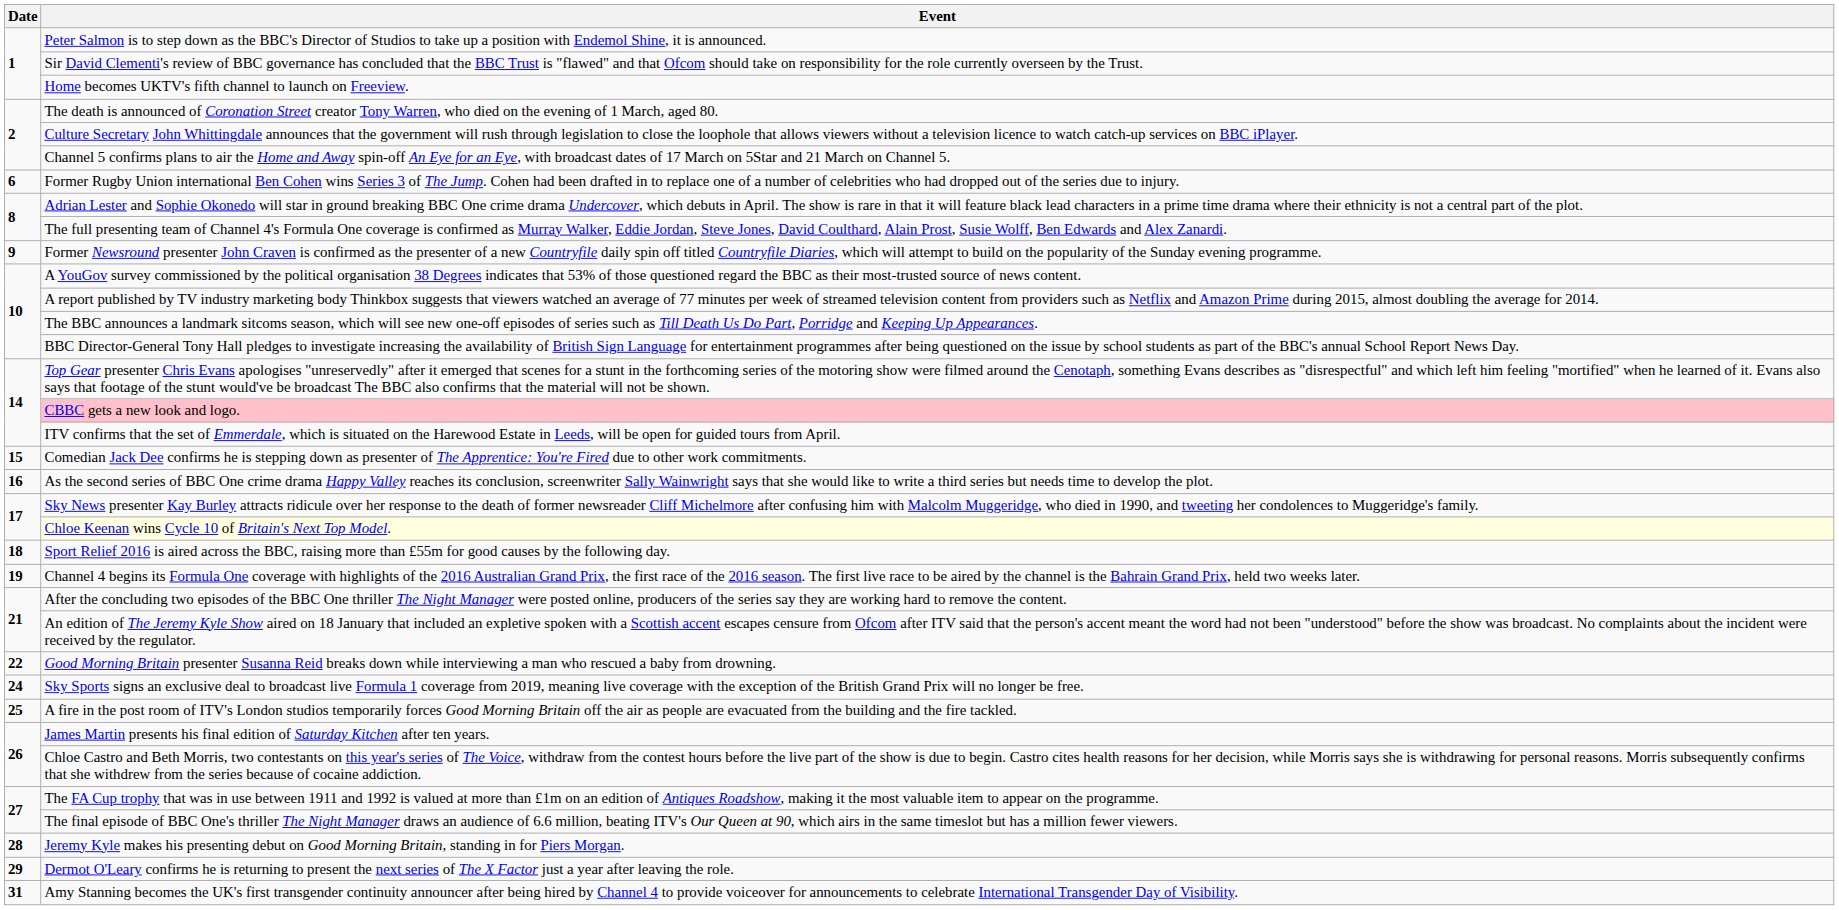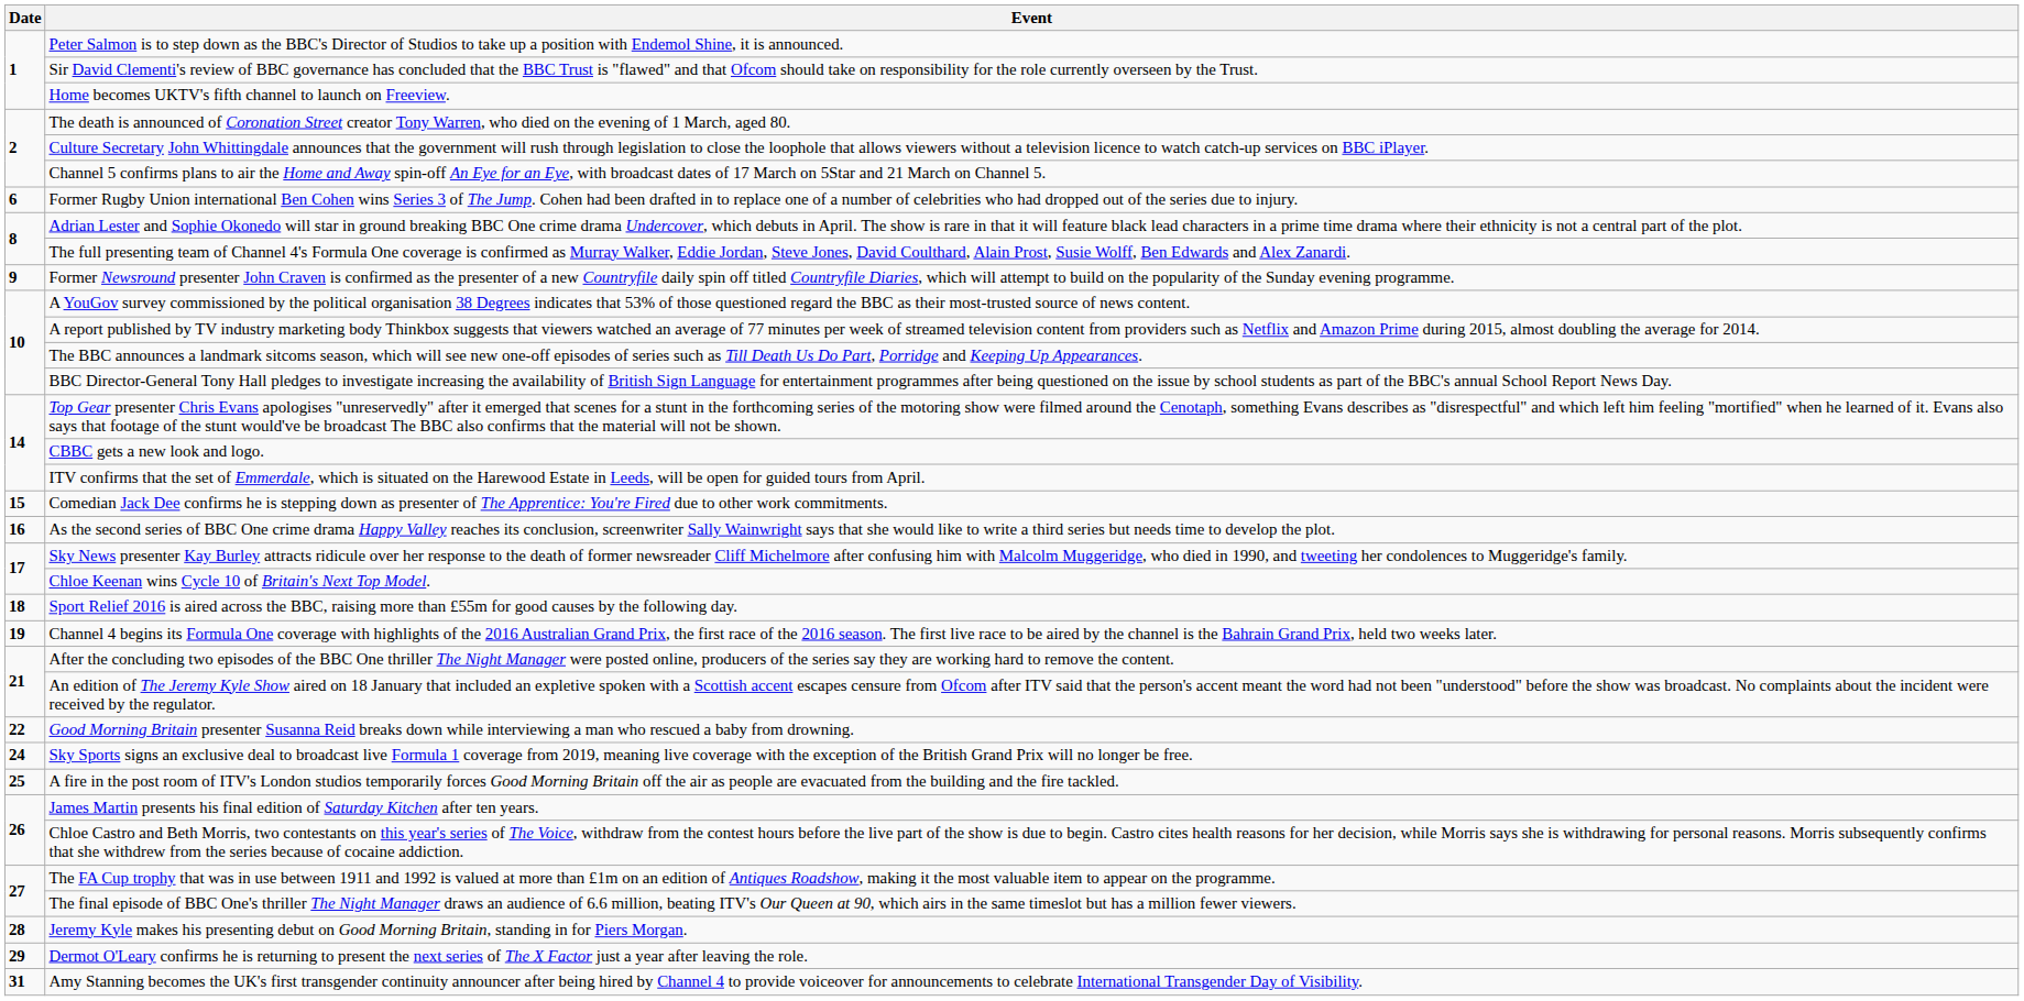 <table class="wikitable">
 <tr>
 <th>Date</th>
 <th>Event</th>
 </tr>
 <tr>
 <td rowspan=3><strong>1</strong></td>
 <td><a href='#'>Peter Salmon</a> is to step down as the BBC's Director of Studios to take up a position with <a href='#'>Endemol Shine</a>, it is announced.</td>
 </tr>
 <tr>
 <td>Sir <a href='#'>David Clementi</a>'s review of BBC governance has concluded that the <a href='#'>BBC Trust</a> is "flawed" and that <a href='#'>Ofcom</a> should take on responsibility for the role currently overseen by the Trust.</td>
 </tr>
 <tr>
 <td><a href='#'>Home</a> becomes UKTV's fifth channel to launch on <a href='#'>Freeview</a>.</td>
 </tr>
 <tr>
 <td rowspan=3><strong>2</strong></td>
 <td>The death is announced of <em><a href='#'>Coronation Street</a></em> creator <a href='#'>Tony Warren</a>, who died on the evening of 1 March, aged 80.</td>
 </tr>
 <tr>
 <td><a href='#'>Culture Secretary</a> <a href='#'>John Whittingdale</a> announces that the government will rush through legislation to close the loophole that allows viewers without a television licence to watch catch-up services on <a href='#'>BBC iPlayer</a>.</td>
 </tr>
 <tr>
 <td>Channel 5 confirms plans to air the <em><a href='#'>Home and Away</a></em> spin-off <em><a href='#'>An Eye for an Eye</a></em>, with broadcast dates of 17 March on 5Star and 21 March on Channel 5.</td>
 </tr>
 <tr>
 <td><strong>6</strong></td>
 <td>Former Rugby Union international <a href='#'>Ben Cohen</a> wins <a href='#'>Series 3</a> of <em><a href='#'>The Jump</a></em>. Cohen had been drafted in to replace one of a number of celebrities who had dropped out of the series due to injury.</td>
 </tr>
 <tr>
 <td rowspan=2><strong>8</strong></td>
 <td><a href='#'>Adrian Lester</a> and <a href='#'>Sophie Okonedo</a> will star in ground breaking BBC One crime drama <em><a href='#'>Undercover</a></em>, which debuts in April. The show is rare in that it will feature black lead characters in a prime time drama where their ethnicity is not a central part of the plot.</td>
 </tr>
 <tr>
 <td>The full presenting team of Channel 4's Formula One coverage is confirmed as <a href='#'>Murray Walker</a>, <a href='#'>Eddie Jordan</a>, <a href='#'>Steve Jones</a>, <a href='#'>David Coulthard</a>, <a href='#'>Alain Prost</a>, <a href='#'>Susie Wolff</a>, <a href='#'>Ben Edwards</a> and <a href='#'>Alex Zanardi</a>.</td>
 </tr>
 <tr>
 <td><strong>9</strong></td>
 <td>Former <em><a href='#'>Newsround</a></em> presenter <a href='#'>John Craven</a> is confirmed as the presenter of a new <em><a href='#'>Countryfile</a></em> daily spin off titled <em><a href='#'>Countryfile Diaries</a></em>, which will attempt to build on the popularity of the Sunday evening programme.</td>
 </tr>
 <tr>
 <td rowspan=4><strong>10</strong></td>
 <td>A <a href='#'>YouGov</a> survey commissioned by the political organisation <a href='#'>38 Degrees</a> indicates that 53% of those questioned regard the BBC as their most-trusted source of news content.</td>
 </tr>
 <tr>
 <td>A report published by TV industry marketing body Thinkbox suggests that viewers watched an average of 77 minutes per week of streamed television content from providers such as <a href='#'>Netflix</a> and <a href='#'>Amazon Prime</a> during 2015, almost doubling the average for 2014.</td>
 </tr>
 <tr>
 <td>The BBC announces a landmark sitcoms season, which will see new one-off episodes of series such as <em><a href='#'>Till Death Us Do Part</a></em>, <em><a href='#'>Porridge</a></em> and <em><a href='#'>Keeping Up Appearances</a></em>.</td>
 </tr>
 <tr>
 <td>BBC Director-General Tony Hall pledges to investigate increasing the availability of <a href='#'>British Sign Language</a> for entertainment programmes after being questioned on the issue by school students as part of the BBC's annual School Report News Day.</td>
 </tr>
 <tr>
 <td rowspan=3><strong>14</strong></td>
 <td><em><a href='#'>Top Gear</a></em> presenter <a href='#'>Chris Evans</a> apologises "unreservedly" after it emerged that scenes for a stunt in the forthcoming series of the motoring show were filmed around the <a href='#'>Cenotaph</a>, something Evans describes as "disrespectful" and which left him feeling "mortified" when he learned of it. Evans also says that footage of the stunt would've be broadcast The BBC also confirms that the material will not be shown.</td>
 </tr>
 <tr>
-<td style="background: pink;"><a href='#'>CBBC</a> gets a new look and logo.</td>
+<td><a href='#'>CBBC</a> gets a new look and logo.</td>
 </tr>
 <tr>
 <td>ITV confirms that the set of <em><a href='#'>Emmerdale</a></em>, which is situated on the Harewood Estate in <a href='#'>Leeds</a>, will be open for guided tours from April.</td>
 </tr>
 <tr>
 <td><strong>15</strong></td>
 <td>Comedian <a href='#'>Jack Dee</a> confirms he is stepping down as presenter of <em><a href='#'>The Apprentice: You're Fired</a></em> due to other work commitments.</td>
 </tr>
 <tr>
 <td><strong>16</strong></td>
 <td>As the second series of BBC One crime drama <em><a href='#'>Happy Valley</a></em> reaches its conclusion, screenwriter <a href='#'>Sally Wainwright</a> says that she would like to write a third series but needs time to develop the plot.</td>
 </tr>
 <tr>
 <td rowspan=2><strong>17</strong></td>
 <td><a href='#'>Sky News</a> presenter <a href='#'>Kay Burley</a> attracts ridicule over her response to the death of former newsreader <a href='#'>Cliff Michelmore</a> after confusing him with <a href='#'>Malcolm Muggeridge</a>, who died in 1990, and <a href='#'>tweeting</a> her condolences to Muggeridge's family.</td>
 </tr>
 <tr>
-<td style="background: lightyellow;"><a href='#'>Chloe Keenan</a> wins <a href='#'>Cycle 10</a> of <em><a href='#'>Britain's Next Top Model</a></em>.</td>
+<td><a href='#'>Chloe Keenan</a> wins <a href='#'>Cycle 10</a> of <em><a href='#'>Britain's Next Top Model</a></em>.</td>
 </tr>
 <tr>
 <td><strong>18</strong></td>
 <td><a href='#'>Sport Relief 2016</a> is aired across the BBC, raising more than £55m for good causes by the following day.</td>
 </tr>
 <tr>
 <td><strong>19</strong></td>
 <td>Channel 4 begins its <a href='#'>Formula One</a> coverage with highlights of the <a href='#'>2016 Australian Grand Prix</a>, the first race of the <a href='#'>2016 season</a>. The first live race to be aired by the channel is the <a href='#'>Bahrain Grand Prix</a>, held two weeks later.</td>
 </tr>
 <tr>
 <td rowspan=2><strong>21</strong></td>
 <td>After the concluding two episodes of the BBC One thriller <em><a href='#'>The Night Manager</a></em> were posted online, producers of the series say they are working hard to remove the content.</td>
 </tr>
 <tr>
 <td>An edition of <em><a href='#'>The Jeremy Kyle Show</a></em> aired on 18 January that included an expletive spoken with a <a href='#'>Scottish accent</a> escapes censure from <a href='#'>Ofcom</a> after ITV said that the person's accent meant the word had not been "understood" before the show was broadcast. No complaints about the incident were received by the regulator.</td>
 </tr>
 <tr>
 <td><strong>22</strong></td>
 <td><em><a href='#'>Good Morning Britain</a></em> presenter <a href='#'>Susanna Reid</a> breaks down while interviewing a man who rescued a baby from drowning.</td>
 </tr>
 <tr>
 <td><strong>24</strong></td>
 <td><a href='#'>Sky Sports</a> signs an exclusive deal to broadcast live <a href='#'>Formula 1</a> coverage from 2019, meaning live coverage with the exception of the British Grand Prix will no longer be free.</td>
 </tr>
 <tr>
 <td><strong>25</strong></td>
 <td>A fire in the post room of ITV's London studios temporarily forces <em>Good Morning Britain</em> off the air as people are evacuated from the building and the fire tackled.</td>
 </tr>
 <tr>
 <td rowspan=2><strong>26</strong></td>
 <td><a href='#'>James Martin</a> presents his final edition of <em><a href='#'>Saturday Kitchen</a></em> after ten years.</td>
 </tr>
 <tr>
 <td>Chloe Castro and Beth Morris, two contestants on <a href='#'>this year's series</a> of <em><a href='#'>The Voice</a></em>, withdraw from the contest hours before the live part of the show is due to begin. Castro cites health reasons for her decision, while Morris says she is withdrawing for personal reasons. Morris subsequently confirms that she withdrew from the series because of cocaine addiction.</td>
 </tr>
 <tr>
 <td rowspan=2><strong>27</strong></td>
 <td>The <a href='#'>FA Cup trophy</a> that was in use between 1911 and 1992 is valued at more than £1m on an edition of <em><a href='#'>Antiques Roadshow</a></em>, making it the most valuable item to appear on the programme.</td>
 </tr>
 <tr>
 <td>The final episode of BBC One's thriller <em><a href='#'>The Night Manager</a></em> draws an audience of 6.6 million, beating ITV's <em>Our Queen at 90</em>, which airs in the same timeslot but has a million fewer viewers.</td>
 </tr>
 <tr>
 <td><strong>28</strong></td>
 <td><a href='#'>Jeremy Kyle</a> makes his presenting debut on <em>Good Morning Britain</em>, standing in for <a href='#'>Piers Morgan</a>.</td>
 </tr>
 <tr>
 <td><strong>29</strong></td>
 <td><a href='#'>Dermot O'Leary</a> confirms he is returning to present the <a href='#'>next series</a> of <em><a href='#'>The X Factor</a></em> just a year after leaving the role.</td>
 </tr>
 <tr>
 <td><strong>31</strong></td>
 <td>Amy Stanning becomes the UK's first transgender continuity announcer after being hired by <a href='#'>Channel 4</a> to provide voiceover for announcements to celebrate <a href='#'>International Transgender Day of Visibility</a>.</td>
 </tr>
 </table>
